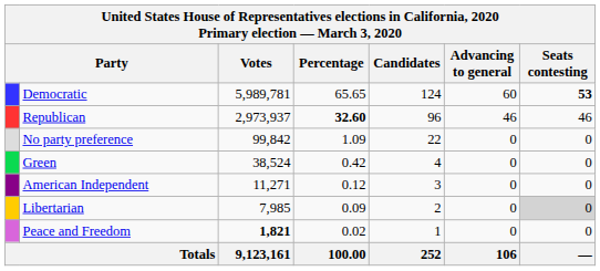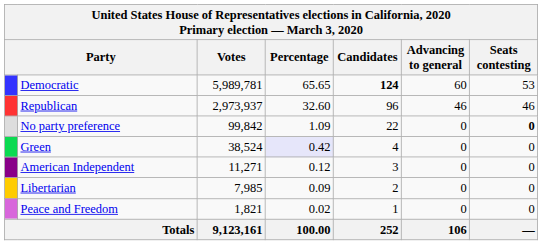 <table class="wikitable" style="font-size: 95%;">
 <tr>
 <th colspan="7">United States House of Representatives elections in California, 2020<br>Primary election — March 3, 2020</th>
 </tr>
 <tr>
 <th colspan=2 style="width: 15em">Party</th>
 <th style="width: 5em">Votes</th>
 <th style="width: 5em">Percentage</th>
 <th style="width: 5em">Candidates</th>
 <th style="width: 5em">Advancing to general</th>
 <th style="width: 5em">Seats contesting</th>
 </tr>
 <tr>
 <th style="background:#33f; width:3px;"></th>
 <td style="width: 130px"><a href='#'>Democratic</a></td>
 <td style="text-align:right;">5,989,781</td>
 <td style="text-align:right;">65.65</td>
-<td style="text-align:right;">124</td>
+<td style="text-align:right;"><strong>124</strong></td>
 <td style="text-align:right;">60</td>
-<td style="text-align:right;"><strong>53</strong></td>
+<td style="text-align:right;">53</td>
 </tr>
 <tr>
 <th style="background:#f33; width:3px;"></th>
 <td style="width: 130px"><a href='#'>Republican</a></td>
 <td style="text-align:right;">2,973,937</td>
-<td style="text-align:right;"><strong>32.60</strong></td>
+<td style="text-align:right;">32.60</td>
 <td style="text-align:right;">96</td>
 <td style="text-align:right;">46</td>
 <td style="text-align:right;">46</td>
 </tr>
 <tr>
 <th style="background:#dddddd; width:3px;"></th>
 <td style="width: 130px"><a href='#'>No party preference</a></td>
 <td style="text-align:right;">99,842</td>
 <td style="text-align:right;">1.09</td>
 <td style="text-align:right;">22</td>
 <td style="text-align:right;">0</td>
-<td style="text-align:right;">0</td>
+<td style="text-align:right;"><strong>0</strong></td>
 </tr>
 <tr>
 <th style="background:#0bda51; width:3px;"></th>
 <td style="width: 130px"><a href='#'>Green</a></td>
 <td style="text-align:right;">38,524</td>
-<td style="text-align:right;">0.42</td>
+<td style="background: lavender; text-align:right;">0.42</td>
 <td style="text-align:right;">4</td>
 <td style="text-align:right;">0</td>
 <td style="text-align:right;">0</td>
 </tr>
 <tr>
 <th style="background:#808; width:3px;"></th>
 <td style="width: 130px"><a href='#'>American Independent</a></td>
 <td style="text-align:right;">11,271</td>
 <td style="text-align:right;">0.12</td>
 <td style="text-align:right;">3</td>
 <td style="text-align:right;">0</td>
 <td style="text-align:right;">0</td>
 </tr>
 <tr>
 <th style="background:#fc0; width:3px;"></th>
 <td style="width: 130px"><a href='#'>Libertarian</a></td>
 <td style="text-align:right;">7,985</td>
 <td style="text-align:right;">0.09</td>
 <td style="text-align:right;">2</td>
 <td style="text-align:right;">0</td>
-<td style="background: lightgrey; text-align:right;">0</td>
+<td style="text-align:right;">0</td>
 </tr>
 <tr>
 <th style="background:#d866db; width:3px;"></th>
 <td style="width: 130px"><a href='#'>Peace and Freedom</a></td>
-<td style="text-align:right;"><strong>1,821</strong></td>
+<td style="text-align:right;">1,821</td>
 <td style="text-align:right;">0.02</td>
 <td style="text-align:right;">1</td>
 <td style="text-align:right;">0</td>
 <td style="text-align:right;">0</td>
 </tr>
 <tr style="background:#eee;">
 <th colspan="2" style="text-align:right;">Totals</th>
 <th style="text-align:right;">9,123,161</th>
 <th style="text-align:right;">100.00</th>
 <th style="text-align:right;">252</th>
 <th style="text-align:right;">106</th>
 <th style="text-align:right;">—</th>
 </tr>
 </table>
